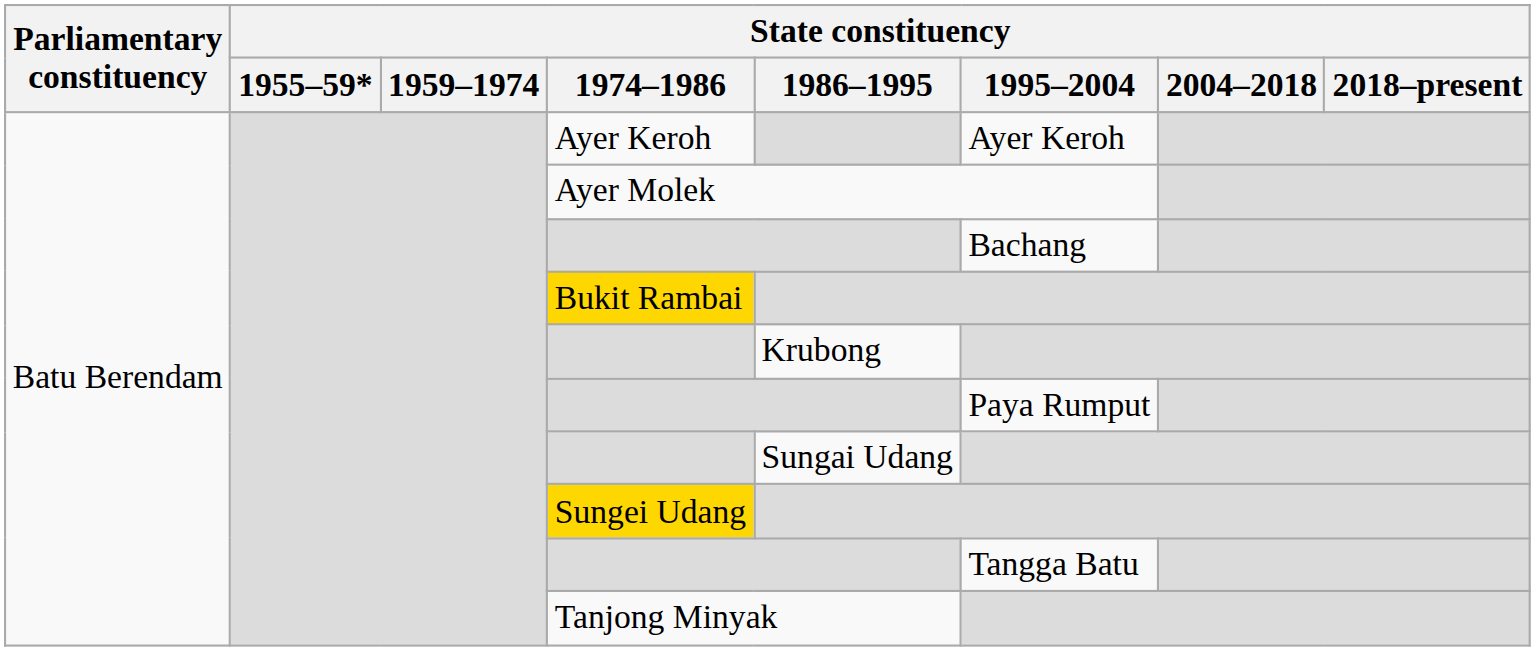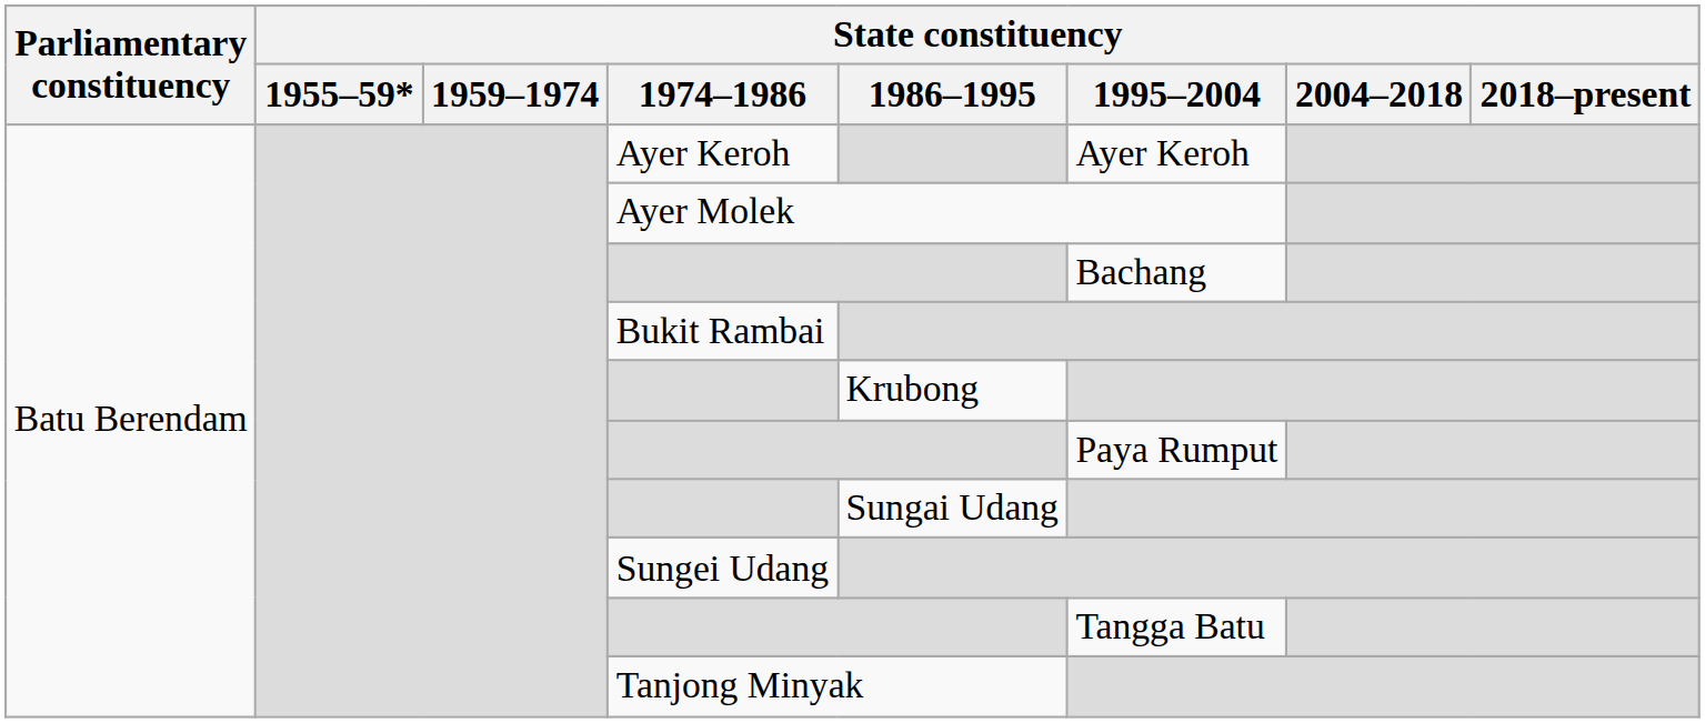 <table class="wikitable">
 <tr>
 <th rowspan="2">Parliamentary<br>constituency</th>
 <th colspan="7">State constituency</th>
 </tr>
 <tr>
 <th>1955–59*</th>
 <th>1959–1974</th>
 <th>1974–1986</th>
 <th>1986–1995</th>
 <th>1995–2004</th>
 <th>2004–2018</th>
 <th>2018–present</th>
 </tr>
 <tr>
 <td rowspan="10">Batu Berendam</td>
 <td colspan="2" rowspan="10" bgcolor="dcdcdc"></td>
 <td>Ayer Keroh</td>
 <td bgcolor="dcdcdc"></td>
 <td>Ayer Keroh</td>
 <td colspan="2" bgcolor="dcdcdc"></td>
 </tr>
 <tr>
 <td colspan="3">Ayer Molek</td>
 <td colspan="2" bgcolor="dcdcdc"></td>
 </tr>
 <tr>
 <td colspan="2" bgcolor="dcdcdc"></td>
 <td>Bachang</td>
 <td colspan="2" bgcolor="dcdcdc"></td>
 </tr>
 <tr>
-<td style="background: gold;">Bukit Rambai</td>
+<td>Bukit Rambai</td>
 <td colspan="4" bgcolor="dcdcdc"></td>
 </tr>
 <tr>
 <td bgcolor="dcdcdc"></td>
 <td>Krubong</td>
 <td colspan="3" bgcolor="dcdcdc"></td>
 </tr>
 <tr>
 <td colspan="2" bgcolor="dcdcdc"></td>
 <td>Paya Rumput</td>
 <td colspan="2" bgcolor="dcdcdc"></td>
 </tr>
 <tr>
 <td bgcolor="dcdcdc"></td>
 <td>Sungai Udang</td>
 <td colspan="3" bgcolor="dcdcdc"></td>
 </tr>
 <tr>
-<td style="background: gold;">Sungei Udang</td>
+<td>Sungei Udang</td>
 <td colspan="4" bgcolor="dcdcdc"></td>
 </tr>
 <tr>
 <td colspan="2" bgcolor="dcdcdc"></td>
 <td>Tangga Batu</td>
 <td colspan="2" bgcolor="dcdcdc"></td>
 </tr>
 <tr>
 <td colspan="2">Tanjong Minyak</td>
 <td colspan="3" bgcolor="dcdcdc"></td>
 </tr>
 </table>
